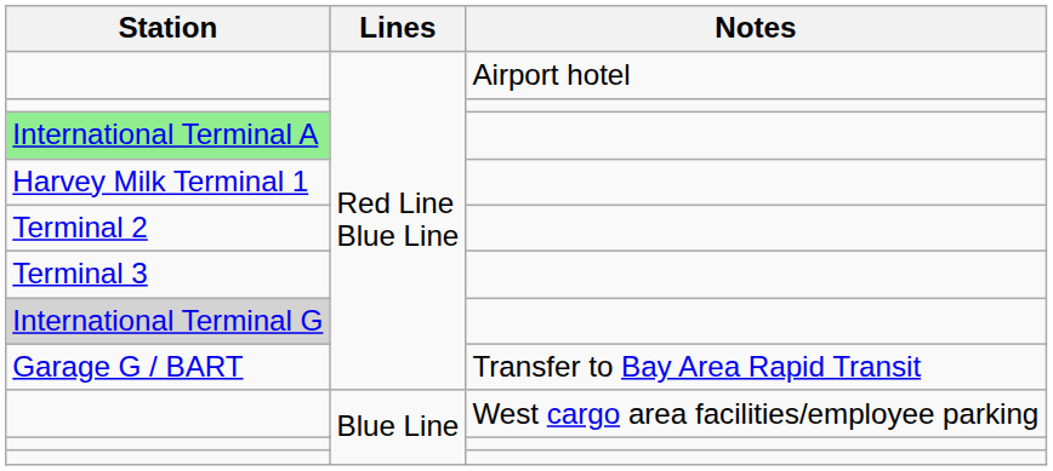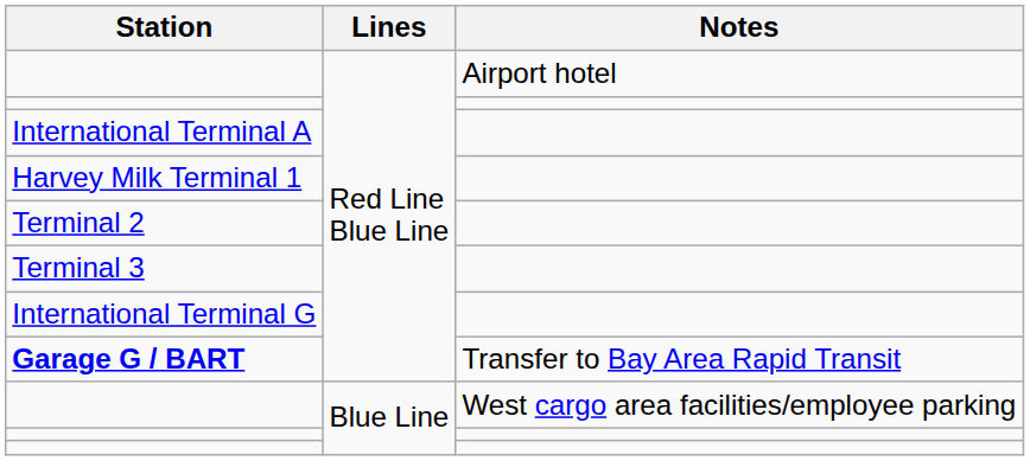 <table class="wikitable">
 <tr>
 <th>Station</th>
 <th>Lines</th>
 <th>Notes</th>
 </tr>
 <tr>
 <td></td>
 <td rowspan="8"> Red Line<br> Blue Line</td>
 <td>Airport hotel</td>
 </tr>
 <tr>
 <td></td>
 <td></td>
 </tr>
 <tr>
-<td style="background: lightgreen;"><a href='#'>International Terminal A</a></td>
+<td><a href='#'>International Terminal A</a></td>
 <td></td>
 </tr>
 <tr>
 <td><a href='#'>Harvey Milk Terminal 1</a></td>
 <td></td>
 </tr>
 <tr>
 <td><a href='#'>Terminal 2</a></td>
 <td></td>
 </tr>
 <tr>
 <td><a href='#'>Terminal 3</a></td>
 <td></td>
 </tr>
 <tr>
-<td style="background: lightgrey;"><a href='#'>International Terminal G</a></td>
+<td><a href='#'>International Terminal G</a></td>
 <td></td>
 </tr>
 <tr>
-<td><a href='#'>Garage G / BART</a></td>
+<td><strong><a href='#'>Garage G / BART</a></strong></td>
 <td>Transfer to <a href='#'>Bay Area Rapid Transit</a></td>
 </tr>
 <tr>
 <td></td>
 <td rowspan="3"> Blue Line</td>
 <td>West <a href='#'>cargo</a> area facilities/employee parking</td>
 </tr>
 <tr>
 <td></td>
 <td></td>
 </tr>
 <tr>
 <td></td>
 <td></td>
 </tr>
 </table>
